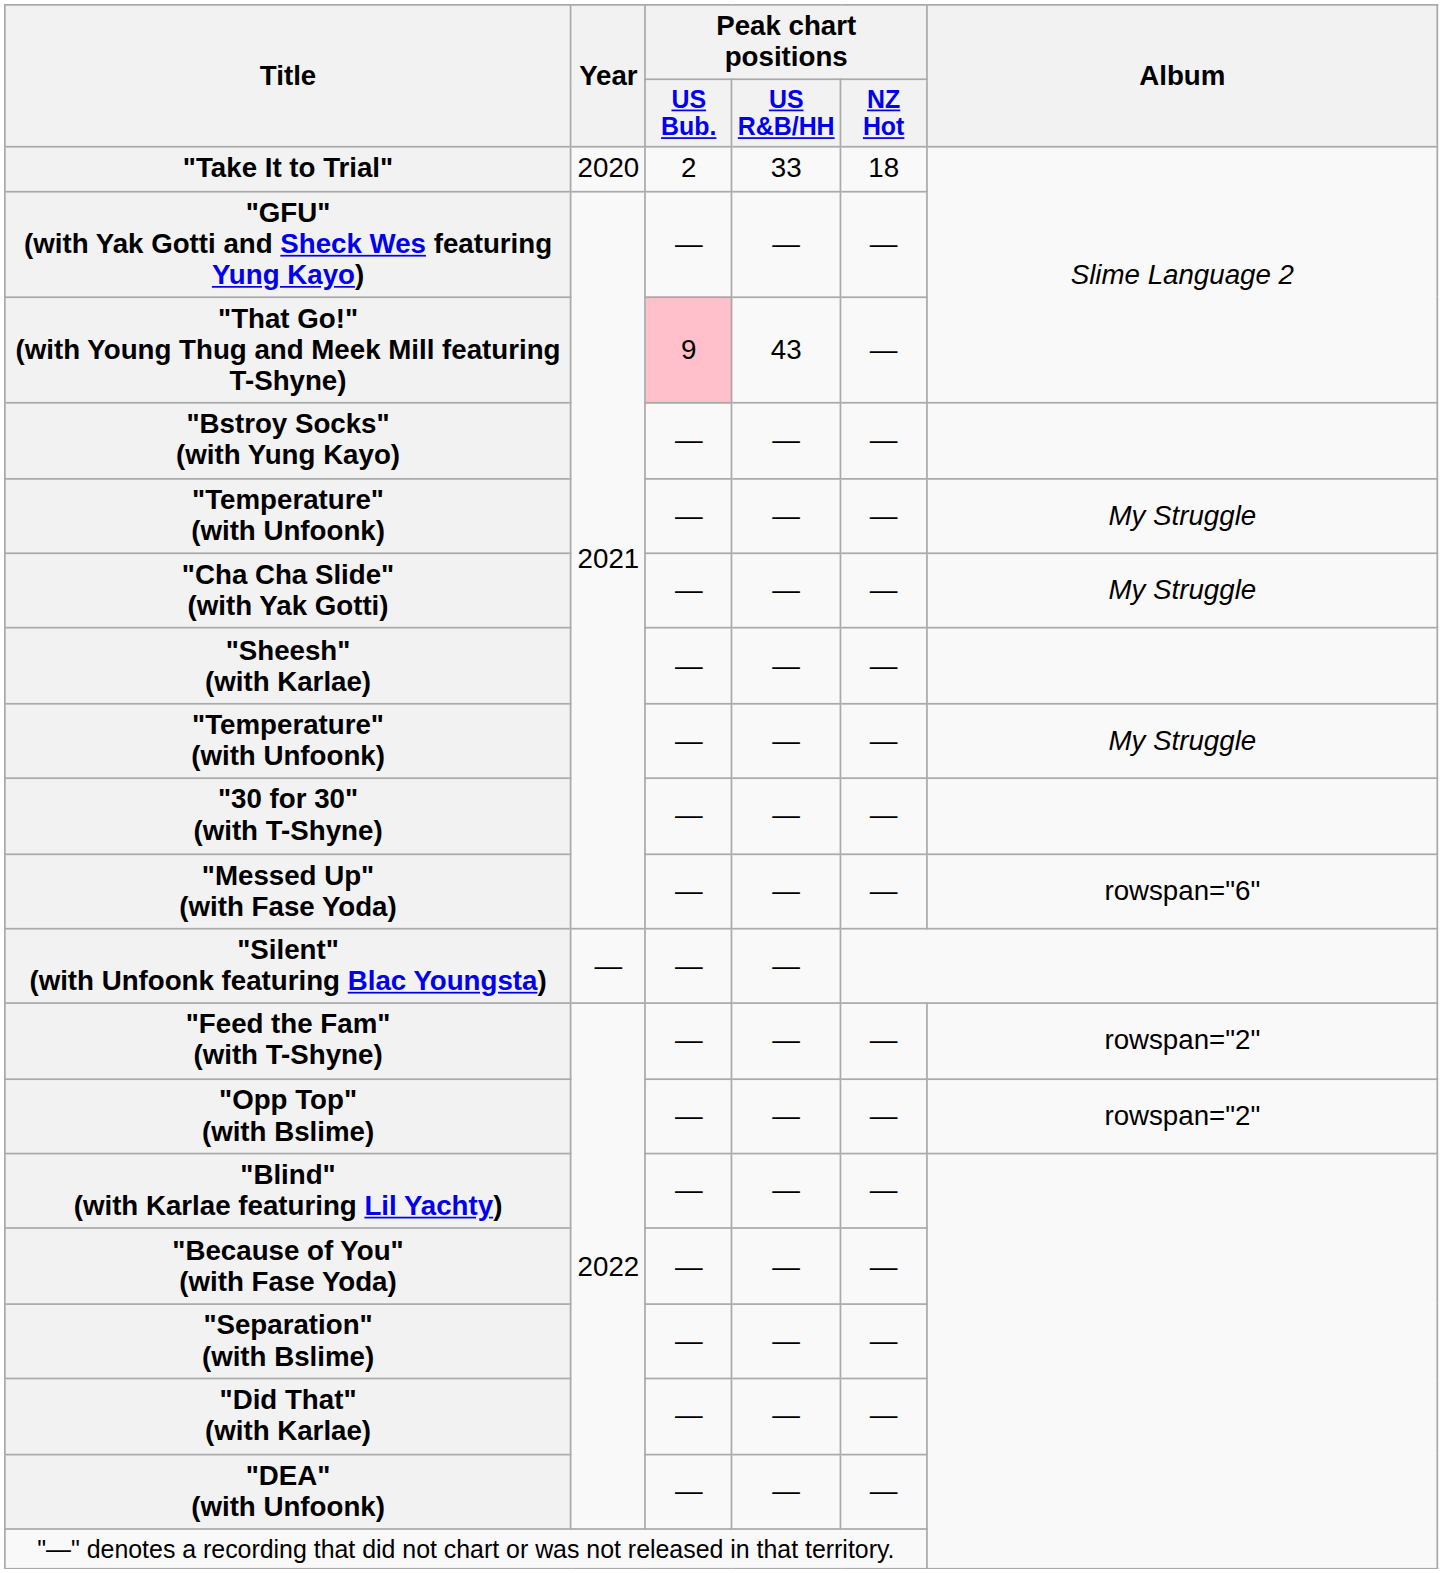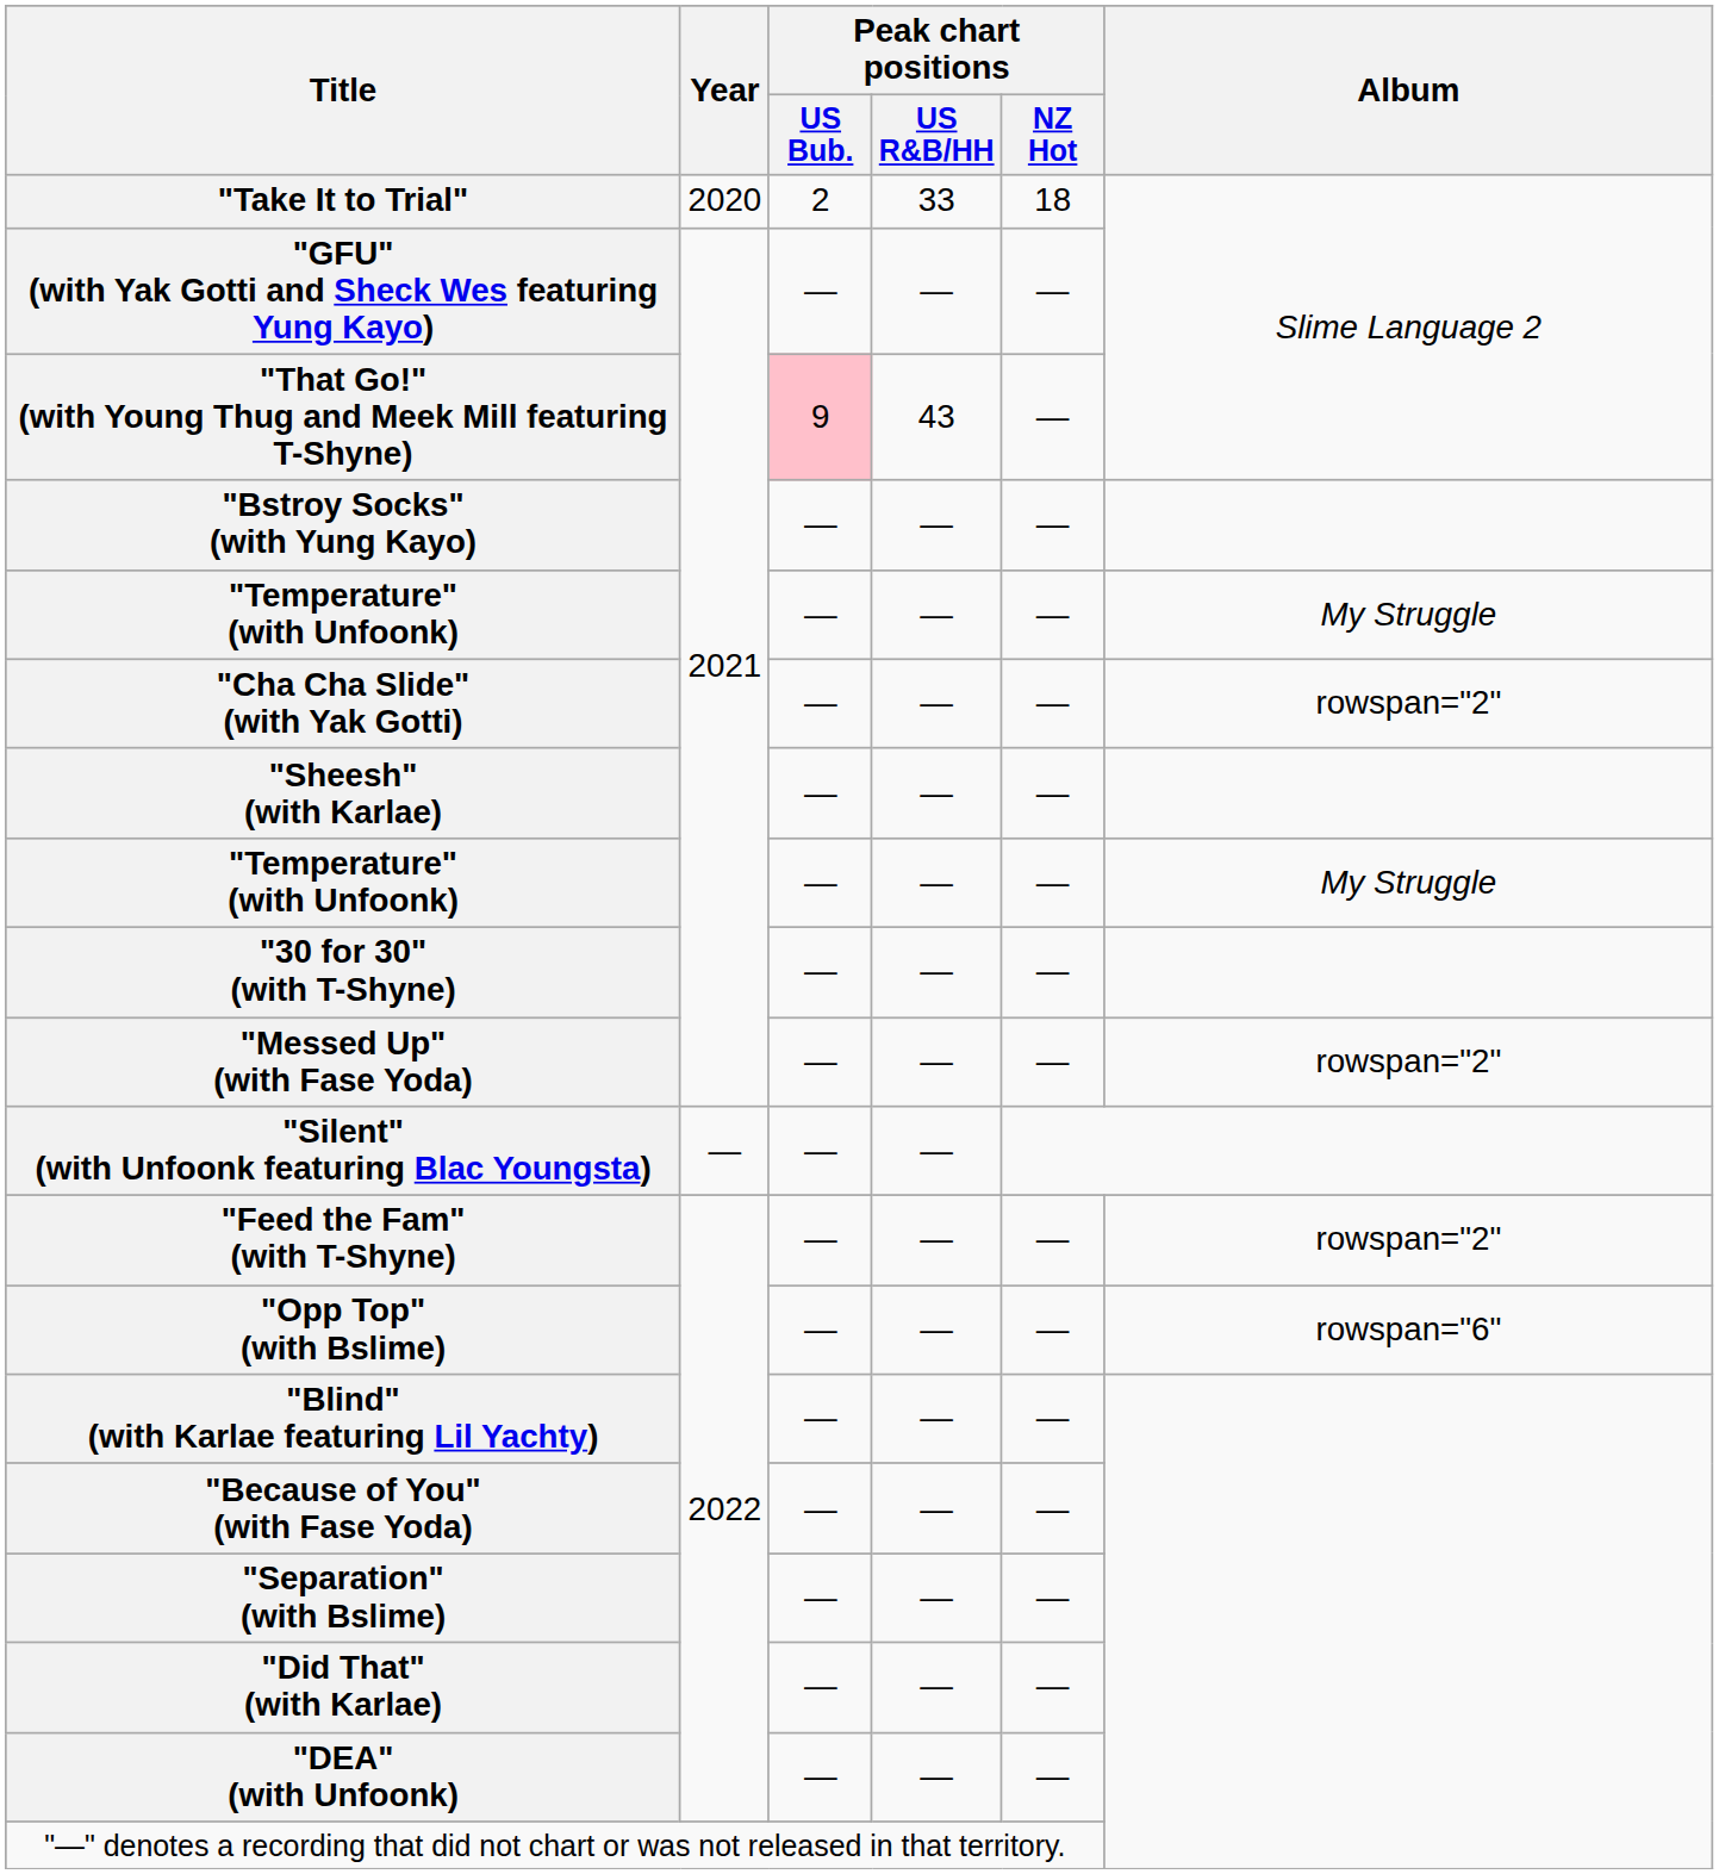 <table class="wikitable plainrowheaders" style="text-align:center;">
 <tr>
 <th scope="col" rowspan="2" style="width:20em;">Title</th>
 <th scope="col" rowspan="2" style="width:1em;">Year</th>
 <th scope="col" colspan="3">Peak chart positions</th>
 <th scope="col" rowspan="2" style="width:18em;">Album</th>
 </tr>
 <tr>
 <th style="width:3em; font-size:90%"><a href='#'>US<br>Bub.</a><br></th>
 <th style="width:3em; font-size:90%"><a href='#'>US<br>R&B/HH</a><br></th>
 <th scope="col" style="width:3em;font-size:90%;"><a href='#'>NZ<br>Hot</a><br></th>
 </tr>
 <tr>
 <th scope="row">"Take It to Trial"<br></th>
 <td>2020</td>
 <td>2</td>
 <td>33</td>
 <td>18</td>
 <td rowspan="3"><em>Slime Language 2</em></td>
 </tr>
 <tr>
 <th scope="row">"GFU"<br><span>(with Yak Gotti and <a href='#'>Sheck Wes</a> featuring <a href='#'>Yung Kayo</a>)</span></th>
 <td rowspan="9">2021</td>
 <td>—</td>
 <td>—</td>
 <td>—</td>
 </tr>
 <tr>
 <th scope="row">"That Go!"<br><span>(with Young Thug and Meek Mill featuring T-Shyne)</span></th>
 <td style="background: pink;">9</td>
 <td>43</td>
 <td>—</td>
 </tr>
 <tr>
 <th scope="row">"Bstroy Socks"<br><span>(with Yung Kayo)</span></th>
 <td>—</td>
 <td>—</td>
 <td>—</td>
 <td></td>
 </tr>
 <tr>
 <th scope="row">"Temperature"<br><span>(with Unfoonk)</span></th>
 <td>—</td>
 <td>—</td>
 <td>—</td>
 <td><em>My Struggle</em></td>
 </tr>
 <tr>
 <th scope="row">"Cha Cha Slide"<br><span>(with Yak Gotti)</span></th>
 <td>—</td>
 <td>—</td>
 <td>—</td>
-<td><em>My Struggle</em></td>
+<td>rowspan="2" </td>
 </tr>
 <tr>
 <th scope="row">"Sheesh"<br><span>(with Karlae)</span></th>
 <td>—</td>
 <td>—</td>
 <td>—</td>
 </tr>
 <tr>
 <th scope="row">"Temperature"<br><span>(with Unfoonk)</span></th>
 <td>—</td>
 <td>—</td>
 <td>—</td>
 <td><em>My Struggle</em></td>
 </tr>
 <tr>
 <th scope="row">"30 for 30"<br><span>(with T-Shyne)</span></th>
 <td>—</td>
 <td>—</td>
 <td>—</td>
 <td></td>
 </tr>
 <tr>
 <th scope="row">"Messed Up"<br><span>(with Fase Yoda)</span></th>
 <td>—</td>
 <td>—</td>
 <td>—</td>
-<td>rowspan="6" </td>
+<td>rowspan="2" </td>
 </tr>
 <tr>
 <th scope="row">"Silent"<br><span>(with Unfoonk featuring <a href='#'>Blac Youngsta</a>)</span></th>
 <td>—</td>
 <td>—</td>
 <td>—</td>
 </tr>
 <tr>
 <th scope="row">"Feed the Fam"<br><span>(with T-Shyne)</span></th>
 <td rowspan="7">2022</td>
 <td>—</td>
 <td>—</td>
 <td>—</td>
 <td>rowspan="2" </td>
 </tr>
 <tr>
 <th scope="row">"Opp Top"<br><span>(with Bslime)</span></th>
 <td>—</td>
 <td>—</td>
 <td>—</td>
-<td>rowspan="2" </td>
+<td>rowspan="6" </td>
 </tr>
 <tr>
 <th scope="row">"Blind"<br><span>(with Karlae featuring <a href='#'>Lil Yachty</a>)</span></th>
 <td>—</td>
 <td>—</td>
 <td>—</td>
 </tr>
 <tr>
 <th scope="row">"Because of You"<br><span>(with Fase Yoda)</span></th>
 <td>—</td>
 <td>—</td>
 <td>—</td>
 </tr>
 <tr>
 <th scope="row">"Separation"<br><span>(with Bslime)</span></th>
 <td>—</td>
 <td>—</td>
 <td>—</td>
 </tr>
 <tr>
 <th scope="row">"Did That"<br><span>(with Karlae)</span></th>
 <td>—</td>
 <td>—</td>
 <td>—</td>
 </tr>
 <tr>
 <th scope="row">"DEA"<br><span>(with Unfoonk)</span></th>
 <td>—</td>
 <td>—</td>
 <td>—</td>
 </tr>
 <tr>
 <td colspan="5" style="font-size:90%">"—" denotes a recording that did not chart or was not released in that territory.</td>
 </tr>
 </table>
